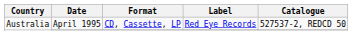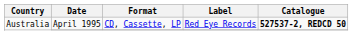 <table class="wikitable plainrowheaders">
 <tr>
 <th scope="col">Country</th>
 <th scope="col">Date</th>
 <th scope="col">Format</th>
 <th scope="col">Label</th>
 <th scope="col">Catalogue</th>
 </tr>
 <tr>
 <td rowspan="2">Australia</td>
 <td>April 1995</td>
 <td><a href='#'>CD</a>, <a href='#'>Cassette</a>, <a href='#'>LP</a></td>
 <td rowspan="1"><a href='#'>Red Eye Records</a></td>
-<td>527537-2, REDCD 50</td>
+<td><strong>527537-2, REDCD 50</strong></td>
 </tr>
 <tr>
 </tr>
 </table>
